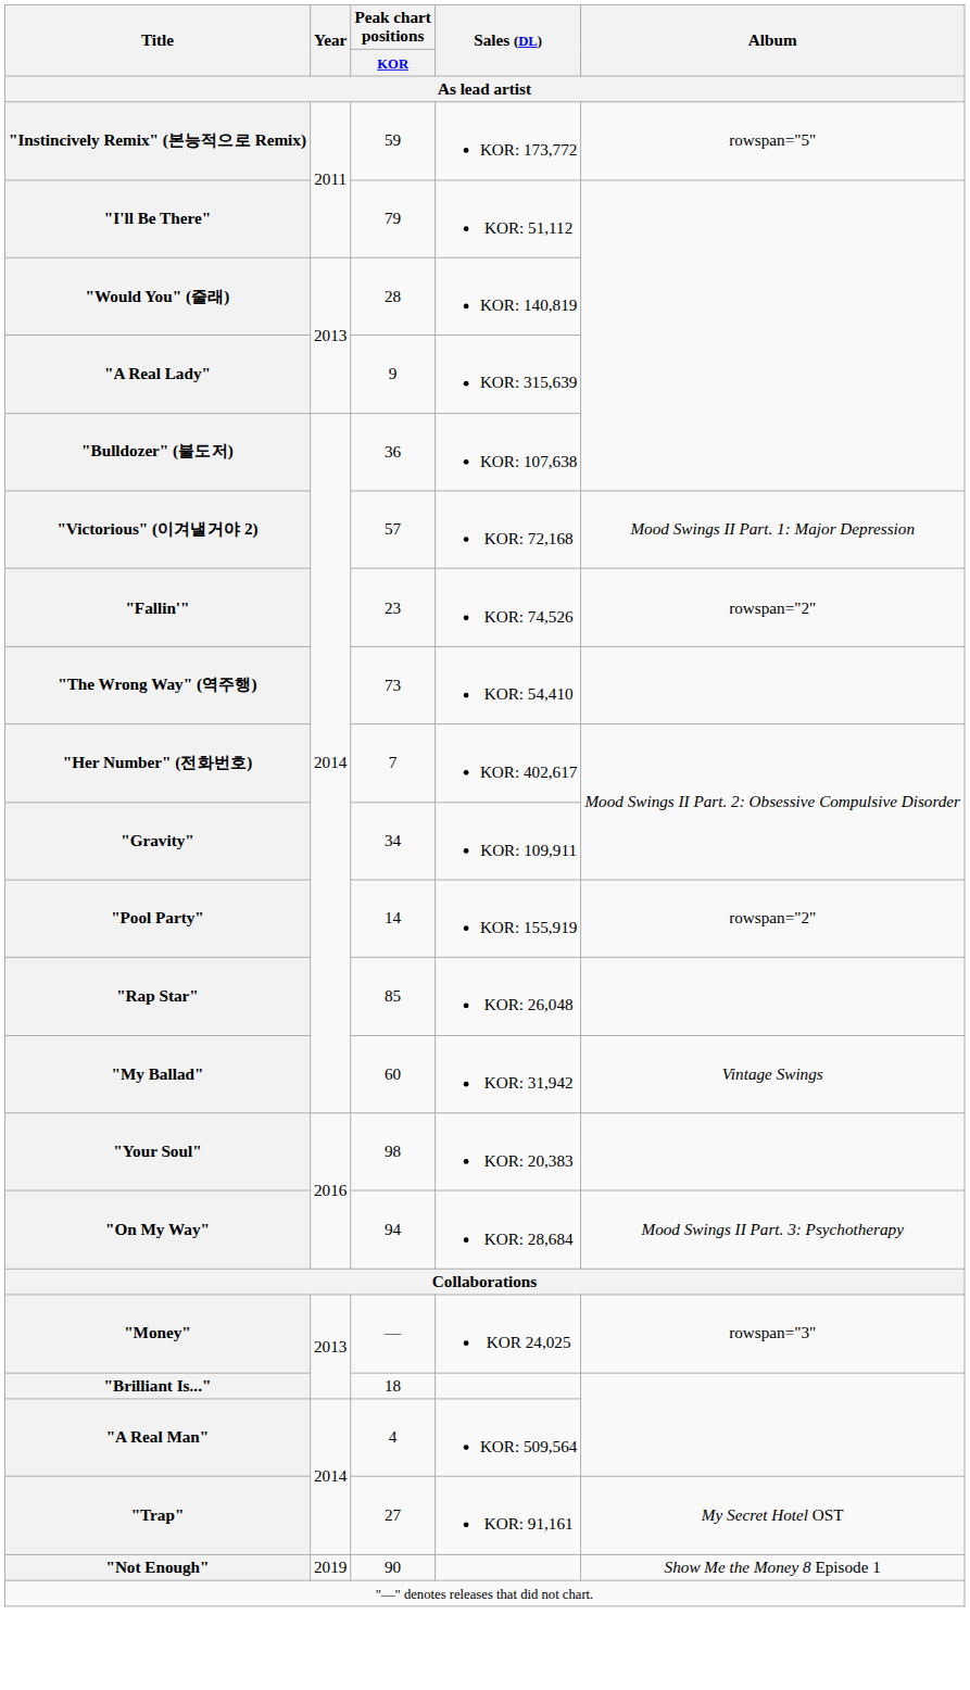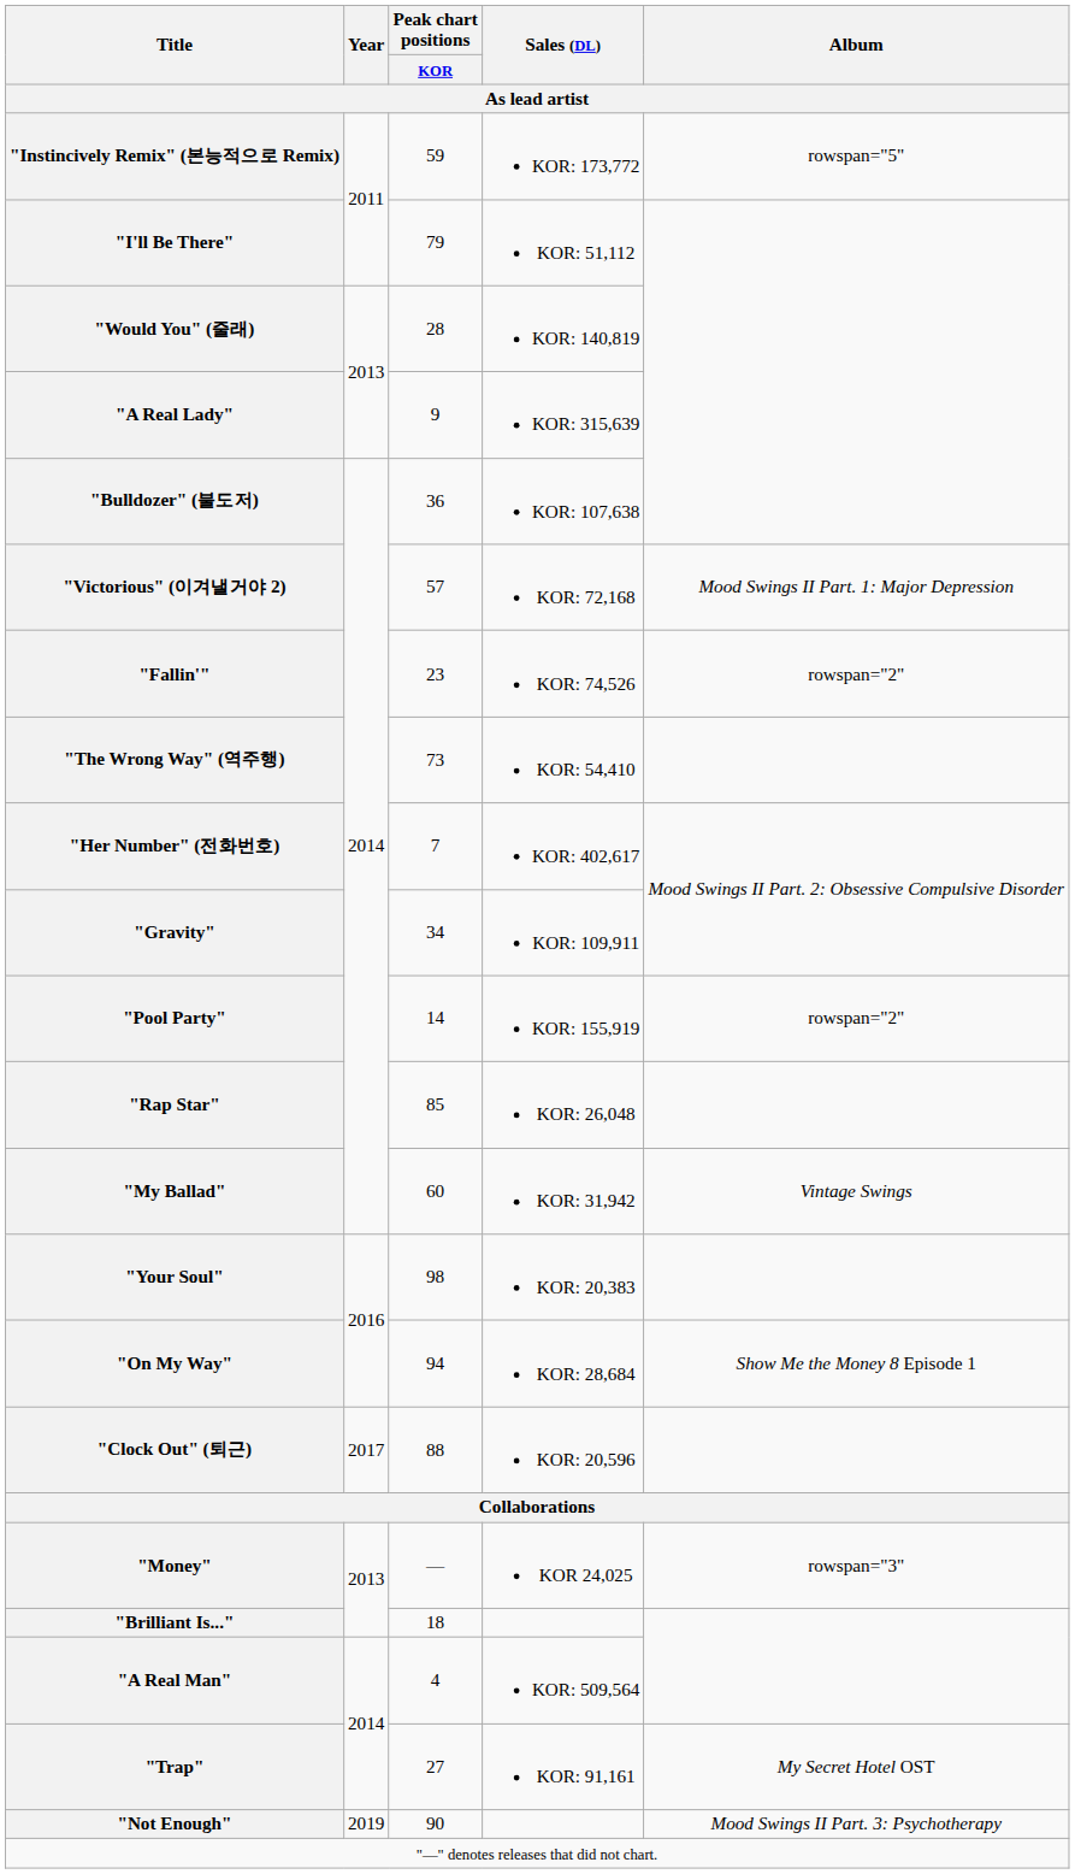 <table class="wikitable plainrowheaders" style="text-align:center;">
 <tr>
 <th scope="col" rowspan="2">Title</th>
 <th scope="col" rowspan="2">Year</th>
 <th scope="col" colspan="1">Peak chart <br> positions</th>
 <th scope="col" rowspan="2">Sales <small>(<a href='#'>DL</a>)</small></th>
 <th scope="col" rowspan="2">Album</th>
 </tr>
 <tr>
 <th><small><a href='#'>KOR</a></small><br></th>
 </tr>
 <tr>
 <th scope="col" colspan="5">As lead artist</th>
 </tr>
 <tr>
 <th scope="row">"Instincively Remix" (본능적으로 Remix)<br></th>
 <td rowspan="2">2011</td>
 <td>59</td>
 <td><br><ul><li>KOR: 173,772</li></ul></td>
 <td>rowspan="5" </td>
 </tr>
 <tr>
 <th scope="row">"I'll Be There"<br></th>
 <td>79</td>
 <td><br><ul><li>KOR: 51,112</li></ul></td>
 </tr>
 <tr>
 <th scope="row">"Would You" (줄래)<br></th>
 <td rowspan="2">2013</td>
 <td>28</td>
 <td><br><ul><li>KOR: 140,819</li></ul></td>
 </tr>
 <tr>
 <th scope="row">"A Real Lady"<br></th>
 <td>9</td>
 <td><br><ul><li>KOR: 315,639</li></ul></td>
 </tr>
 <tr>
 <th scope="row">"Bulldozer" (불도저)</th>
 <td rowspan="9">2014</td>
 <td>36</td>
 <td><br><ul><li>KOR: 107,638</li></ul></td>
 </tr>
 <tr>
 <th scope="row">"Victorious" (이겨낼거야 2)<br></th>
 <td>57</td>
 <td><br><ul><li>KOR: 72,168</li></ul></td>
 <td><em>Mood Swings II Part. 1: Major Depression</em></td>
 </tr>
 <tr>
 <th scope="row">"Fallin'"<br></th>
 <td>23</td>
 <td><br><ul><li>KOR: 74,526</li></ul></td>
 <td>rowspan="2" </td>
 </tr>
 <tr>
 <th scope="row">"The Wrong Way" (역주행)<br></th>
 <td>73</td>
 <td><br><ul><li>KOR: 54,410</li></ul></td>
 </tr>
 <tr>
 <th scope="row">"Her Number" (전화번호)<br></th>
 <td>7</td>
 <td><br><ul><li>KOR: 402,617</li></ul></td>
 <td rowspan="2"><em>Mood Swings II Part. 2: Obsessive Compulsive Disorder</em></td>
 </tr>
 <tr>
 <th scope="row">"Gravity"<br></th>
 <td>34</td>
 <td><br><ul><li>KOR: 109,911</li></ul></td>
 </tr>
 <tr>
 <th scope="row">"Pool Party"</th>
 <td>14</td>
 <td><br><ul><li>KOR: 155,919</li></ul></td>
 <td>rowspan="2" </td>
 </tr>
 <tr>
 <th scope="row">"Rap Star"</th>
 <td>85</td>
 <td><br><ul><li>KOR: 26,048</li></ul></td>
 </tr>
 <tr>
 <th scope="row">"My Ballad"<br></th>
 <td>60</td>
 <td><br><ul><li>KOR: 31,942</li></ul></td>
 <td><em>Vintage Swings</em></td>
 </tr>
 <tr>
 <th scope="row">"Your Soul"</th>
 <td rowspan="2">2016</td>
 <td>98</td>
 <td><br><ul><li>KOR: 20,383</li></ul></td>
 <td></td>
 </tr>
 <tr>
 <th scope="row">"On My Way"<br></th>
 <td>94</td>
 <td><br><ul><li>KOR: 28,684</li></ul></td>
-<td><em>Mood Swings II Part. 3: Psychotherapy</em></td>
+<td><em>Show Me the Money 8</em> Episode 1</td>
+</tr>
+<tr>
+<th scope="row">"Clock Out" (퇴근)<br></th>
+<td>2017</td>
+<td>88</td>
+<td><br><ul><li>KOR: 20,596</li></ul></td>
+<td></td>
 </tr>
 <tr>
 <th scope="col" colspan="5">Collaborations</th>
 </tr>
 <tr>
 <th scope="row">"Money"<br></th>
 <td rowspan="2">2013</td>
 <td>—</td>
 <td><br><ul><li>KOR 24,025</li></ul></td>
 <td>rowspan="3" </td>
 </tr>
 <tr>
 <th scope="row">"Brilliant Is..."<br></th>
 <td>18</td>
 <td></td>
 </tr>
 <tr>
 <th scope="row">"A Real Man"<br></th>
 <td rowspan="2">2014</td>
 <td>4</td>
 <td><br><ul><li>KOR: 509,564</li></ul></td>
 </tr>
 <tr>
 <th scope="row">"Trap"<br></th>
 <td>27</td>
 <td><br><ul><li>KOR: 91,161</li></ul></td>
 <td><em>My Secret Hotel</em> OST</td>
 </tr>
 <tr>
 <th scope="row">"Not Enough"<br></th>
 <td>2019</td>
 <td>90</td>
 <td></td>
-<td><em>Show Me the Money 8</em> Episode 1</td>
+<td><em>Mood Swings II Part. 3: Psychotherapy</em></td>
 </tr>
 <tr>
 <td colspan="5" align="center"><small>"—" denotes releases that did not chart.</small></td>
 </tr>
 </table>
